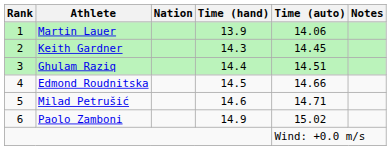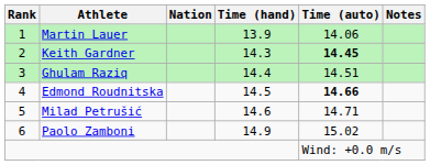 <table class="wikitable sortable" style="text-align:center">
 <tr>
 <th>Rank</th>
 <th>Athlete</th>
 <th>Nation</th>
 <th>Time (hand)</th>
 <th>Time (auto)</th>
 <th>Notes</th>
 </tr>
 <tr bgcolor=bbf3bb>
 <td>1</td>
 <td align=left><a href='#'>Martin Lauer</a></td>
 <td align=left></td>
 <td>13.9</td>
 <td>14.06</td>
 <td></td>
 </tr>
 <tr bgcolor=bbf3bb>
 <td>2</td>
 <td align=left><a href='#'>Keith Gardner</a></td>
 <td align=left></td>
 <td>14.3</td>
-<td>14.45</td>
+<td><strong>14.45</strong></td>
 <td></td>
 </tr>
 <tr bgcolor=bbf3bb>
 <td>3</td>
 <td align=left><a href='#'>Ghulam Raziq</a></td>
 <td align=left></td>
 <td>14.4</td>
 <td>14.51</td>
 <td></td>
 </tr>
 <tr>
 <td>4</td>
 <td align=left><a href='#'>Edmond Roudnitska</a></td>
 <td align=left></td>
 <td>14.5</td>
-<td>14.66</td>
+<td><strong>14.66</strong></td>
 <td></td>
 </tr>
 <tr>
 <td>5</td>
 <td align=left><a href='#'>Milad Petrušić</a></td>
 <td align=left></td>
 <td>14.6</td>
 <td>14.71</td>
 <td></td>
 </tr>
 <tr>
 <td>6</td>
 <td align=left><a href='#'>Paolo Zamboni</a></td>
 <td align=left></td>
 <td>14.9</td>
 <td>15.02</td>
 <td></td>
 </tr>
 <tr class="sortbottom">
 <td colspan=4></td>
 <td colspan="2" style="text-align:left;">Wind: +0.0 m/s</td>
 </tr>
 </table>
